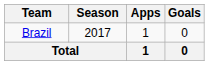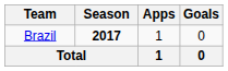 <table class="wikitable" style="text-align: center;">
 <tr>
 <th width="80">Team</th>
 <th width="70">Season</th>
 <th width="45">Apps</th>
 <th width="45">Goals</th>
 </tr>
 <tr>
 <td rowspan="1"><a href='#'>Brazil</a></td>
-<td>2017</td>
+<td><strong>2017</strong></td>
 <td>1</td>
 <td>0</td>
 </tr>
 <tr>
 <th colspan="2">Total</th>
 <th>1</th>
 <th>0</th>
 </tr>
 </table>
